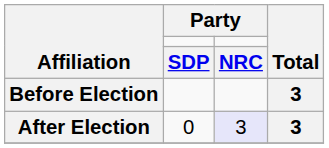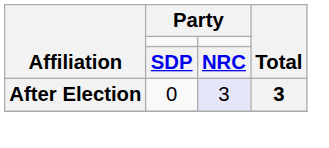 <table class=wikitable style="text-align:center">
 <tr style="vertical-align:bottom;">
 <th rowspan=3>Affiliation</th>
 <th colspan=2>Party</th>
 <th rowspan=3>Total</th>
 </tr>
 <tr>
 <td style="background-color:"></td>
 <td style="background-color:"></td>
 </tr>
 <tr>
 <th><a href='#'>SDP</a></th>
 <th><a href='#'>NRC</a></th>
 </tr>
 <tr>
-<th>Before Election</th>
-<td></td>
-<td></td>
-<th>3</th>
-</tr>
-<tr>
 <th>After Election</th>
 <td>0</td>
 <td style="background: lavender;">3</td>
 <th>3</th>
 </tr>
 <tr>
 </tr>
 </table>
